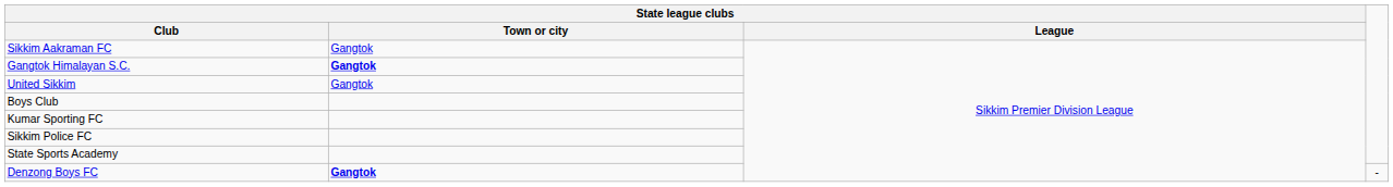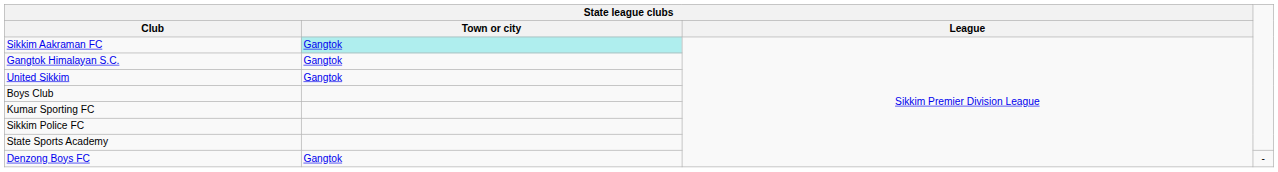 <table class="wikitable sortable" width="100%">
 <tr>
 <th colspan="3">State league clubs</th>
 </tr>
 <tr>
 <th !width="25%">Club</th>
 <th width="30%">Town or city</th>
 <th width="45%">League</th>
 </tr>
 <tr>
 <td><a href='#'>Sikkim Aakraman FC</a></td>
-<td><a href='#'>Gangtok</a></td>
+<td style="background: paleturquoise;"><a href='#'>Gangtok</a></td>
 <td rowspan="8" align="center"><a href='#'>Sikkim Premier Division League</a></td>
 </tr>
 <tr>
 <td><a href='#'>Gangtok Himalayan S.C.</a></td>
-<td><strong><a href='#'>Gangtok</a></strong></td>
+<td><a href='#'>Gangtok</a></td>
 </tr>
 <tr>
 <td><a href='#'>United Sikkim</a></td>
 <td><a href='#'>Gangtok</a></td>
 </tr>
 <tr>
 <td>Boys Club</td>
 <td></td>
 </tr>
 <tr>
 <td>Kumar Sporting FC</td>
 <td></td>
 </tr>
 <tr>
 <td>Sikkim Police FC</td>
 <td></td>
 </tr>
 <tr>
 <td>State Sports Academy</td>
 <td></td>
 </tr>
 <tr>
 <td><a href='#'>Denzong Boys FC</a></td>
-<td><strong><a href='#'>Gangtok</a></strong></td>
+<td><a href='#'>Gangtok</a></td>
 <td align="center">-</td>
 </tr>
 </table>
